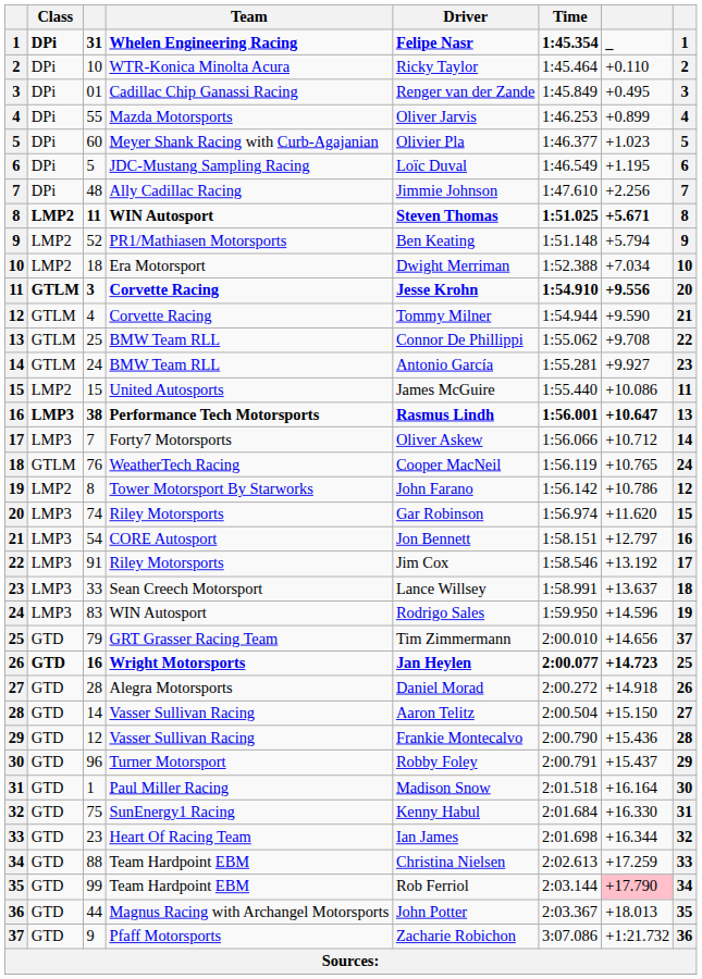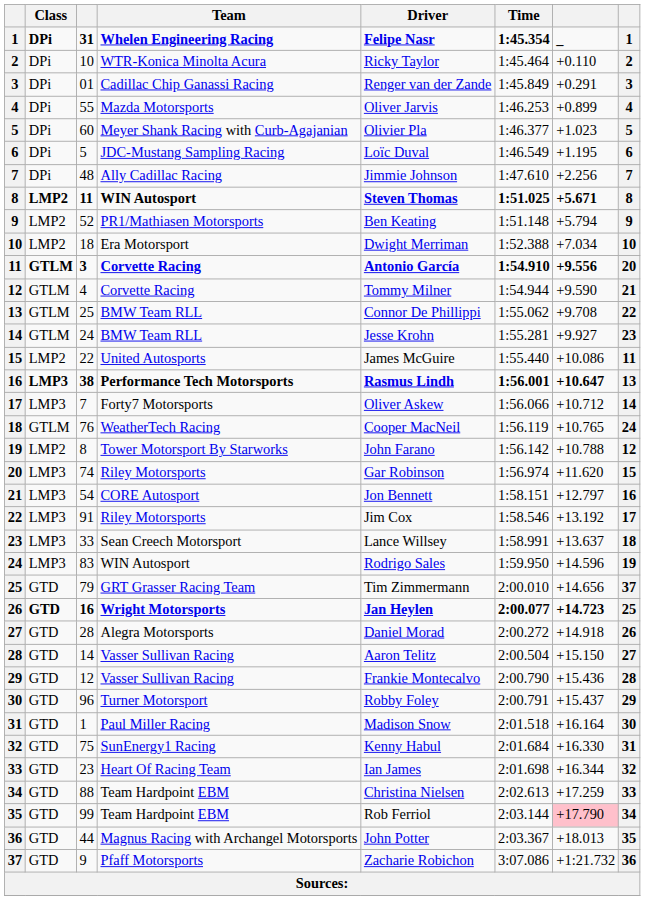 <table class="wikitable">
 <tr>
 <th scope="col"></th>
 <th scope="col">Class</th>
 <th scope="col"></th>
 <th scope="col">Team</th>
 <th scope="col">Driver</th>
 <th scope="col">Time</th>
 <th scope="col"></th>
 <th scope="col"></th>
 </tr>
 <tr style="font-weight:bold">
 <th scope="row">1</th>
 <td>DPi</td>
 <td>31</td>
 <td> <a href='#'>Whelen Engineering Racing</a></td>
 <td> <a href='#'>Felipe Nasr</a></td>
 <td>1:45.354</td>
 <td><strong>_</strong></td>
 <th><strong>1</strong></th>
 </tr>
 <tr>
 <th scope="row">2</th>
 <td>DPi</td>
 <td>10</td>
 <td> <a href='#'>WTR-Konica Minolta Acura</a></td>
 <td> <a href='#'>Ricky Taylor</a></td>
 <td>1:45.464</td>
 <td>+0.110</td>
 <th>2</th>
 </tr>
 <tr>
 <th scope="row">3</th>
 <td>DPi</td>
 <td>01</td>
 <td> <a href='#'>Cadillac Chip Ganassi Racing</a></td>
 <td> <a href='#'>Renger van der Zande</a></td>
 <td>1:45.849</td>
-<td>+0.495</td>
+<td>+0.291</td>
 <th>3</th>
 </tr>
 <tr>
 <th scope="row">4</th>
 <td>DPi</td>
 <td>55</td>
 <td> <a href='#'>Mazda Motorsports</a></td>
 <td> <a href='#'>Oliver Jarvis</a></td>
 <td>1:46.253</td>
 <td>+0.899</td>
 <th>4</th>
 </tr>
 <tr>
 <th scope="row">5</th>
 <td>DPi</td>
 <td>60</td>
 <td> <a href='#'>Meyer Shank Racing</a> with <a href='#'>Curb-Agajanian</a></td>
 <td> <a href='#'>Olivier Pla</a></td>
 <td>1:46.377</td>
 <td>+1.023</td>
 <th>5</th>
 </tr>
 <tr>
 <th scope="row">6</th>
 <td>DPi</td>
 <td>5</td>
 <td> <a href='#'>JDC-Mustang Sampling Racing</a></td>
 <td> <a href='#'>Loïc Duval</a></td>
 <td>1:46.549</td>
 <td>+1.195</td>
 <th>6</th>
 </tr>
 <tr>
 <th scope="row">7</th>
 <td>DPi</td>
 <td>48</td>
 <td> <a href='#'>Ally Cadillac Racing</a></td>
 <td> <a href='#'>Jimmie Johnson</a></td>
 <td>1:47.610</td>
 <td>+2.256</td>
 <th>7</th>
 </tr>
 <tr style="font-weight:bold">
 <th scope="row">8</th>
 <td>LMP2</td>
 <td>11</td>
 <td> WIN Autosport</td>
 <td> <a href='#'>Steven Thomas</a></td>
 <td>1:51.025</td>
 <td>+5.671</td>
 <th>8</th>
 </tr>
 <tr>
 <th scope="row">9</th>
 <td>LMP2</td>
 <td>52</td>
 <td> <a href='#'>PR1/Mathiasen Motorsports</a></td>
 <td> <a href='#'>Ben Keating</a></td>
 <td>1:51.148</td>
 <td>+5.794</td>
 <th>9</th>
 </tr>
 <tr>
 <th scope="row">10</th>
 <td>LMP2</td>
 <td>18</td>
 <td> Era Motorsport</td>
 <td> <a href='#'>Dwight Merriman</a></td>
 <td>1:52.388</td>
 <td>+7.034</td>
 <th>10</th>
 </tr>
 <tr style="font-weight:bold">
 <th scope="row">11</th>
 <td>GTLM</td>
 <td>3</td>
 <td> <a href='#'>Corvette Racing</a></td>
-<td> <a href='#'>Jesse Krohn</a></td>
+<td> <a href='#'>Antonio García</a></td>
 <td>1:54.910</td>
 <td>+9.556</td>
 <th>20</th>
 </tr>
 <tr>
 <th scope="row">12</th>
 <td>GTLM</td>
 <td>4</td>
 <td> <a href='#'>Corvette Racing</a></td>
 <td> <a href='#'>Tommy Milner</a></td>
 <td>1:54.944</td>
 <td>+9.590</td>
 <th>21</th>
 </tr>
 <tr>
 <th scope="row">13</th>
 <td>GTLM</td>
 <td>25</td>
 <td> <a href='#'>BMW Team RLL</a></td>
 <td> <a href='#'>Connor De Phillippi</a></td>
 <td>1:55.062</td>
 <td>+9.708</td>
 <th>22</th>
 </tr>
 <tr>
 <th scope="row">14</th>
 <td>GTLM</td>
 <td>24</td>
 <td> <a href='#'>BMW Team RLL</a></td>
-<td> <a href='#'>Antonio García</a></td>
+<td> <a href='#'>Jesse Krohn</a></td>
 <td>1:55.281</td>
 <td>+9.927</td>
 <th>23</th>
 </tr>
 <tr>
 <th scope="row">15</th>
 <td>LMP2</td>
-<td>15</td>
+<td>22</td>
 <td> <a href='#'>United Autosports</a></td>
 <td> James McGuire</td>
 <td>1:55.440</td>
 <td>+10.086</td>
 <th>11</th>
 </tr>
 <tr style="font-weight:bold">
 <th scope="row">16</th>
 <td>LMP3</td>
 <td>38</td>
 <td> Performance Tech Motorsports</td>
 <td> <a href='#'>Rasmus Lindh</a></td>
 <td>1:56.001</td>
 <td>+10.647</td>
 <th>13</th>
 </tr>
 <tr>
 <th scope="row">17</th>
 <td>LMP3</td>
 <td>7</td>
 <td> Forty7 Motorsports</td>
 <td> <a href='#'>Oliver Askew</a></td>
 <td>1:56.066</td>
 <td>+10.712</td>
 <th>14</th>
 </tr>
 <tr>
 <th scope="row">18</th>
 <td>GTLM</td>
 <td>76</td>
 <td> <a href='#'>WeatherTech Racing</a></td>
 <td> <a href='#'>Cooper MacNeil</a></td>
 <td>1:56.119</td>
 <td>+10.765</td>
 <th>24</th>
 </tr>
 <tr>
 <th scope="row">19</th>
 <td>LMP2</td>
 <td>8</td>
 <td> <a href='#'>Tower Motorsport By Starworks</a></td>
 <td> <a href='#'>John Farano</a></td>
 <td>1:56.142</td>
-<td>+10.786</td>
+<td>+10.788</td>
 <th>12</th>
 </tr>
 <tr>
 <th scope="row">20</th>
 <td>LMP3</td>
 <td>74</td>
 <td> <a href='#'>Riley Motorsports</a></td>
 <td> <a href='#'>Gar Robinson</a></td>
 <td>1:56.974</td>
 <td>+11.620</td>
 <th>15</th>
 </tr>
 <tr>
 <th scope="row">21</th>
 <td>LMP3</td>
 <td>54</td>
 <td> <a href='#'>CORE Autosport</a></td>
 <td> <a href='#'>Jon Bennett</a></td>
 <td>1:58.151</td>
 <td>+12.797</td>
 <th>16</th>
 </tr>
 <tr>
 <th scope="row">22</th>
 <td>LMP3</td>
 <td>91</td>
 <td> <a href='#'>Riley Motorsports</a></td>
 <td> Jim Cox</td>
 <td>1:58.546</td>
 <td>+13.192</td>
 <th>17</th>
 </tr>
 <tr>
 <th scope="row">23</th>
 <td>LMP3</td>
 <td>33</td>
 <td> Sean Creech Motorsport</td>
 <td> Lance Willsey</td>
 <td>1:58.991</td>
 <td>+13.637</td>
 <th>18</th>
 </tr>
 <tr>
 <th scope="row">24</th>
 <td>LMP3</td>
 <td>83</td>
 <td> WIN Autosport</td>
 <td> <a href='#'>Rodrigo Sales</a></td>
 <td>1:59.950</td>
 <td>+14.596</td>
 <th>19</th>
 </tr>
 <tr>
 <th scope="row">25</th>
 <td>GTD</td>
 <td>79</td>
 <td> <a href='#'>GRT Grasser Racing Team</a></td>
 <td> Tim Zimmermann</td>
 <td>2:00.010</td>
 <td>+14.656</td>
 <th>37</th>
 </tr>
 <tr style="font-weight:bold">
 <th scope="row">26</th>
 <td>GTD</td>
 <td>16</td>
 <td> <a href='#'>Wright Motorsports</a></td>
 <td> <a href='#'>Jan Heylen</a></td>
 <td>2:00.077</td>
 <td>+14.723</td>
 <th>25</th>
 </tr>
 <tr>
 <th scope="row">27</th>
 <td>GTD</td>
 <td>28</td>
 <td> Alegra Motorsports</td>
 <td> <a href='#'>Daniel Morad</a></td>
 <td>2:00.272</td>
 <td>+14.918</td>
 <th>26</th>
 </tr>
 <tr>
 <th scope="row">28</th>
 <td>GTD</td>
 <td>14</td>
 <td> <a href='#'>Vasser Sullivan Racing</a></td>
 <td> <a href='#'>Aaron Telitz</a></td>
 <td>2:00.504</td>
 <td>+15.150</td>
 <th>27</th>
 </tr>
 <tr>
 <th scope="row">29</th>
 <td>GTD</td>
 <td>12</td>
 <td> <a href='#'>Vasser Sullivan Racing</a></td>
 <td> <a href='#'>Frankie Montecalvo</a></td>
 <td>2:00.790</td>
 <td>+15.436</td>
 <th>28</th>
 </tr>
 <tr>
 <th scope="row">30</th>
 <td>GTD</td>
 <td>96</td>
 <td> <a href='#'>Turner Motorsport</a></td>
 <td> <a href='#'>Robby Foley</a></td>
 <td>2:00.791</td>
 <td>+15.437</td>
 <th>29</th>
 </tr>
 <tr>
 <th scope="row">31</th>
 <td>GTD</td>
 <td>1</td>
 <td> <a href='#'>Paul Miller Racing</a></td>
 <td> <a href='#'>Madison Snow</a></td>
 <td>2:01.518</td>
 <td>+16.164</td>
 <th>30</th>
 </tr>
 <tr>
 <th scope="row">32</th>
 <td>GTD</td>
 <td>75</td>
 <td> <a href='#'>SunEnergy1 Racing</a></td>
 <td> <a href='#'>Kenny Habul</a></td>
 <td>2:01.684</td>
 <td>+16.330</td>
 <th>31</th>
 </tr>
 <tr>
 <th scope="row">33</th>
 <td>GTD</td>
 <td>23</td>
 <td> <a href='#'>Heart Of Racing Team</a></td>
 <td> <a href='#'>Ian James</a></td>
 <td>2:01.698</td>
 <td>+16.344</td>
 <th>32</th>
 </tr>
 <tr>
 <th scope="row">34</th>
 <td>GTD</td>
 <td>88</td>
 <td> Team Hardpoint <a href='#'>EBM</a></td>
 <td> <a href='#'>Christina Nielsen</a></td>
 <td>2:02.613</td>
 <td>+17.259</td>
 <th>33</th>
 </tr>
 <tr>
 <th scope="row">35</th>
 <td>GTD</td>
 <td>99</td>
 <td> Team Hardpoint <a href='#'>EBM</a></td>
 <td> Rob Ferriol</td>
 <td>2:03.144</td>
 <td style="background: pink;">+17.790</td>
 <th>34</th>
 </tr>
 <tr>
 <th scope="row">36</th>
 <td>GTD</td>
 <td>44</td>
 <td> <a href='#'>Magnus Racing</a> with Archangel Motorsports</td>
 <td> <a href='#'>John Potter</a></td>
 <td>2:03.367</td>
 <td>+18.013</td>
 <th>35</th>
 </tr>
 <tr>
 <th scope="row">37</th>
 <td>GTD</td>
 <td>9</td>
 <td> <a href='#'>Pfaff Motorsports</a></td>
 <td> <a href='#'>Zacharie Robichon</a></td>
 <td>3:07.086</td>
 <td>+1:21.732</td>
 <th>36</th>
 </tr>
 <tr>
 <th colspan="8">Sources:</th>
 </tr>
 <tr>
 </tr>
 </table>
